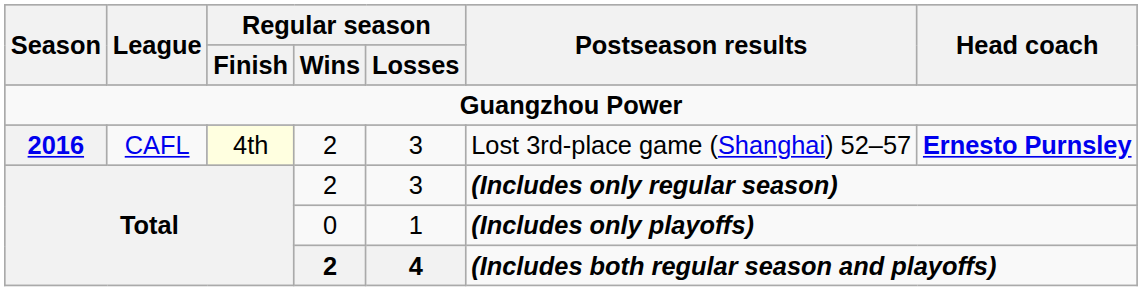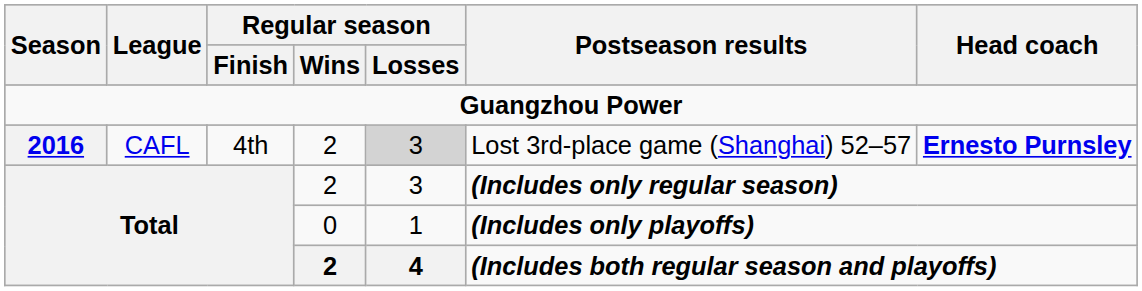 <table class="wikitable" style="font-size: 95%">
 <tr>
 <th rowspan="2">Season</th>
 <th rowspan="2">League</th>
 <th colspan="3">Regular season</th>
 <th rowspan="2">Postseason results</th>
 <th rowspan="2">Head coach</th>
 </tr>
 <tr>
 <th>Finish</th>
 <th>Wins</th>
 <th>Losses</th>
 </tr>
 <tr>
 <td align="center" colspan="12"><strong>Guangzhou Power</strong></td>
 </tr>
 <tr>
 <th align="center"><a href='#'>2016</a></th>
 <td align="center"><a href='#'>CAFL</a></td>
-<td align="center" style="background: lightyellow;">4th</td>
+<td align="center">4th</td>
 <td align="center">2</td>
-<td align="center">3</td>
+<td align="center" style="background: lightgrey;">3</td>
 <td>Lost 3rd-place game (<a href='#'>Shanghai</a>) 52–57</td>
 <td><strong><a href='#'>Ernesto Purnsley</a></strong></td>
 </tr>
 <tr>
 <th align="center" rowSpan="3" colSpan="3">Total</th>
 <td align="center">2</td>
 <td align="center">3</td>
 <td colSpan="3"><strong><em>(Includes only regular season)</em></strong></td>
 </tr>
 <tr>
 <td align="center">0</td>
 <td align="center">1</td>
 <td colSpan="3"><strong><em>(Includes only playoffs)</em></strong></td>
 </tr>
 <tr>
 <th align="center">2</th>
 <th align="center">4</th>
 <td colSpan="3"><strong><em>(Includes both regular season and playoffs)</em></strong></td>
 </tr>
 </table>
